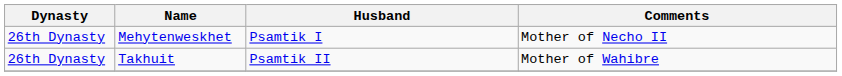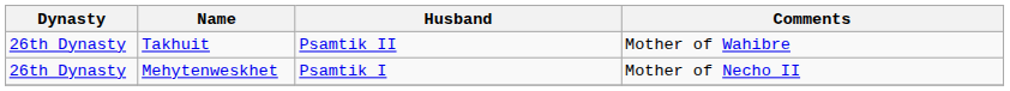 <table class="wikitable">
 <tr>
 <th width="100">Dynasty</th>
 <th width="120">Name</th>
 <th width="255">Husband</th>
 <th width="300">Comments</th>
 </tr>
 <tr>
 <td><a href='#'>26th Dynasty</a></td>
+<td><a href='#'>Takhuit</a></td>
+<td><a href='#'>Psamtik II</a></td>
+<td>Mother of <a href='#'>Wahibre</a></td>
+</tr>
+<tr>
+<td><a href='#'>26th Dynasty</a></td>
 <td><a href='#'>Mehytenweskhet</a></td>
 <td><a href='#'>Psamtik I</a></td>
 <td>Mother of <a href='#'>Necho II</a></td>
 </tr>
 <tr>
-<td><a href='#'>26th Dynasty</a></td>
-<td><a href='#'>Takhuit</a></td>
-<td><a href='#'>Psamtik II</a></td>
-<td>Mother of <a href='#'>Wahibre</a></td>
-</tr>
-<tr>
 </tr>
 </table>
